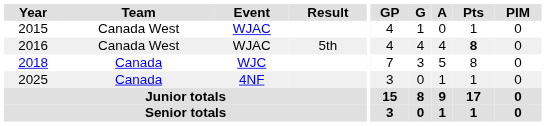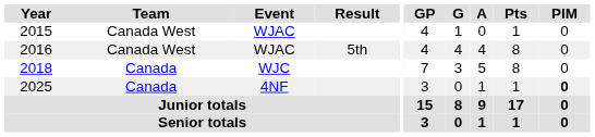 <table border="0" cellpadding="1" cellspacing="0" ID="Table3" style="text-align:center; width:40em;">
 <tr bgcolor="#e0e0e0">
 <th>Year</th>
 <th>Team</th>
 <th>Event</th>
 <th>Result</th>
 <th rowspan="99" bgcolor="#ffffff"></th>
 <th>GP</th>
 <th>G</th>
 <th>A</th>
 <th>Pts</th>
 <th>PIM</th>
 </tr>
 <tr>
 <td>2015</td>
 <td>Canada West</td>
 <td><a href='#'>WJAC</a></td>
 <td></td>
 <td>4</td>
 <td>1</td>
 <td>0</td>
 <td>1</td>
 <td>0</td>
 </tr>
 <tr bgcolor="#f0f0f0">
 <td>2016</td>
 <td>Canada West</td>
 <td>WJAC</td>
 <td>5th</td>
 <td>4</td>
 <td>4</td>
 <td>4</td>
-<td><strong>8</strong></td>
+<td>8</td>
 <td>0</td>
 </tr>
 <tr>
 <td><a href='#'>2018</a></td>
 <td><a href='#'>Canada</a></td>
 <td><a href='#'>WJC</a></td>
 <td></td>
 <td>7</td>
 <td>3</td>
 <td>5</td>
 <td>8</td>
 <td>0</td>
 </tr>
 <tr bgcolor="#f0f0f0">
 <td>2025</td>
 <td><a href='#'>Canada</a></td>
 <td><a href='#'>4NF</a></td>
 <td></td>
 <td>3</td>
 <td>0</td>
 <td>1</td>
 <td>1</td>
-<td>0</td>
+<td><strong>0</strong></td>
 </tr>
 <tr bgcolor="#e0e0e0">
 <th colspan="4">Junior totals</th>
 <th>15</th>
 <th>8</th>
 <th>9</th>
 <th>17</th>
 <th>0</th>
 </tr>
 <tr bgcolor="#e0e0e0">
 <th colspan="4">Senior totals</th>
 <th>3</th>
 <th>0</th>
 <th>1</th>
 <th>1</th>
 <th>0</th>
 </tr>
 </table>
